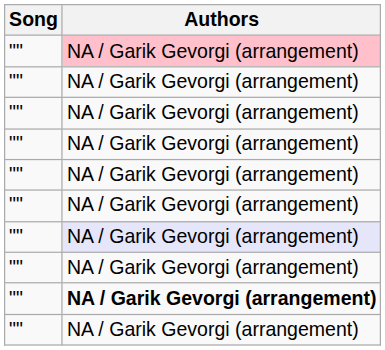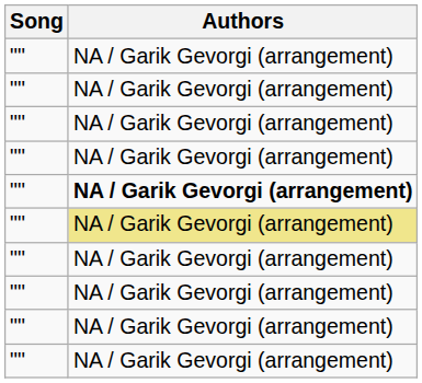 <table class="wikitable">
 <tr>
 <th>Song</th>
 <th>Authors</th>
-</tr>
-<tr>
-<td>""</td>
-<td style="background: pink;">NA / Garik Gevorgi (arrangement)</td>
 </tr>
 <tr>
 <td>""</td>
 <td>NA / Garik Gevorgi (arrangement)</td>
 </tr>
 <tr>
 <td>""</td>
 <td>NA / Garik Gevorgi (arrangement)</td>
 </tr>
 <tr>
 <td>""</td>
 <td>NA / Garik Gevorgi (arrangement)</td>
 </tr>
 <tr>
 <td>""</td>
 <td>NA / Garik Gevorgi (arrangement)</td>
 </tr>
 <tr>
 <td>""</td>
-<td>NA / Garik Gevorgi (arrangement)</td>
+<td><strong>NA / Garik Gevorgi (arrangement)</strong></td>
 </tr>
 <tr>
 <td>""</td>
-<td style="background: lavender;">NA / Garik Gevorgi (arrangement)</td>
+<td style="background: khaki;">NA / Garik Gevorgi (arrangement)</td>
 </tr>
 <tr>
 <td>""</td>
 <td>NA / Garik Gevorgi (arrangement)</td>
 </tr>
 <tr>
 <td>""</td>
-<td><strong>NA / Garik Gevorgi (arrangement)</strong></td>
+<td>NA / Garik Gevorgi (arrangement)</td>
+</tr>
+<tr>
+<td>""</td>
+<td>NA / Garik Gevorgi (arrangement)</td>
 </tr>
 <tr>
 <td>""</td>
 <td>NA / Garik Gevorgi (arrangement)</td>
 </tr>
 </table>
